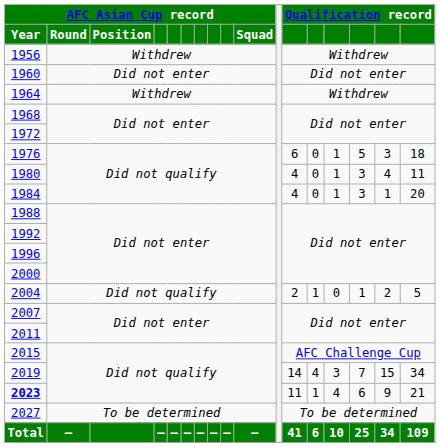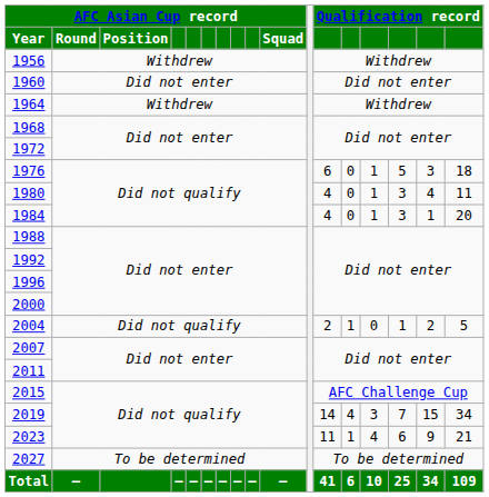 <table class="wikitable" style="text-align:center">
 <tr>
 <th colspan="10" style="background:green; color:#FFF; "><a href='#'><span>AFC Asian Cup</span></a> record</th>
 <th rowspan="22"></th>
 <th colspan="6" style="background:green; color:#FFF; "><a href='#'><span>Qualification</span></a> record</th>
 </tr>
 <tr>
 <th style="background:green; color:#FFF; ">Year</th>
 <th style="background:green; color:#FFF; ">Round</th>
 <th style="background:green; color:#FFF; ">Position</th>
 <th style="background:green; color:#FFF; "></th>
 <th style="background:green; color:#FFF; "></th>
 <th style="background:green; color:#FFF; "></th>
 <th style="background:green; color:#FFF; "></th>
 <th style="background:green; color:#FFF; "></th>
 <th style="background:green; color:#FFF; "></th>
 <th style="background:green; color:#FFF; ">Squad</th>
 <th style="background:green; color:#FFF; "></th>
 <th style="background:green; color:#FFF; "></th>
 <th style="background:green; color:#FFF; "></th>
 <th style="background:green; color:#FFF; "></th>
 <th style="background:green; color:#FFF; "></th>
 <th style="background:green; color:#FFF; "></th>
 </tr>
 <tr>
 <td> <a href='#'>1956</a></td>
 <td colspan="9"><em>Withdrew</em></td>
 <td colspan="6"><em>Withdrew</em></td>
 </tr>
 <tr>
 <td> <a href='#'>1960</a></td>
 <td colspan="9"><em>Did not enter</em></td>
 <td colspan="6"><em>Did not enter</em></td>
 </tr>
 <tr>
 <td> <a href='#'>1964</a></td>
 <td colspan="9"><em>Withdrew</em></td>
 <td colspan="6"><em>Withdrew</em></td>
 </tr>
 <tr>
 <td> <a href='#'>1968</a></td>
 <td colspan="9" rowspan="2"><em>Did not enter</em></td>
 <td colspan="6" rowspan="2"><em>Did not enter</em></td>
 </tr>
 <tr>
 <td> <a href='#'>1972</a></td>
 </tr>
 <tr>
 <td> <a href='#'>1976</a></td>
 <td colspan="9" rowspan="3"><em>Did not qualify</em></td>
 <td>6</td>
 <td>0</td>
 <td>1</td>
 <td>5</td>
 <td>3</td>
 <td>18</td>
 </tr>
 <tr>
 <td> <a href='#'>1980</a></td>
 <td>4</td>
 <td>0</td>
 <td>1</td>
 <td>3</td>
 <td>4</td>
 <td>11</td>
 </tr>
 <tr>
 <td> <a href='#'>1984</a></td>
 <td>4</td>
 <td>0</td>
 <td>1</td>
 <td>3</td>
 <td>1</td>
 <td>20</td>
 </tr>
 <tr>
 <td> <a href='#'>1988</a></td>
 <td colspan="9" rowspan="4"><em>Did not enter</em></td>
 <td colspan="6" rowspan="4"><em>Did not enter</em></td>
 </tr>
 <tr>
 <td> <a href='#'>1992</a></td>
 </tr>
 <tr>
 <td> <a href='#'>1996</a></td>
 </tr>
 <tr>
 <td> <a href='#'>2000</a></td>
 </tr>
 <tr>
 <td> <a href='#'>2004</a></td>
 <td colspan="9"><em>Did not qualify</em></td>
 <td>2</td>
 <td>1</td>
 <td>0</td>
 <td>1</td>
 <td>2</td>
 <td>5</td>
 </tr>
 <tr>
 <td>    <a href='#'>2007</a></td>
 <td colspan="9" rowspan="2"><em>Did not enter</em></td>
 <td colspan="6" rowspan="2"><em>Did not enter</em></td>
 </tr>
 <tr>
 <td> <a href='#'>2011</a></td>
 </tr>
 <tr>
 <td> <a href='#'>2015</a></td>
 <td colspan="9" rowspan="3"><em>Did not qualify</em></td>
 <td colspan="6"><a href='#'>AFC Challenge Cup</a></td>
 </tr>
 <tr>
 <td> <a href='#'>2019</a></td>
 <td>14</td>
 <td>4</td>
 <td>3</td>
 <td>7</td>
 <td>15</td>
 <td>34</td>
 </tr>
 <tr>
-<td><strong> <a href='#'>2023</a></strong></td>
+<td> <a href='#'>2023</a></td>
 <td>11</td>
 <td>1</td>
 <td>4</td>
 <td>6</td>
 <td>9</td>
 <td>21</td>
 </tr>
 <tr>
 <td> <a href='#'>2027</a></td>
 <td colspan="9"><em>To be determined</em></td>
 <td colspan="6"><em>To be determined</em></td>
 </tr>
 <tr>
 <th style="background:green; color:#FFF; ">Total</th>
 <th style="background:green; color:#FFF; ">—</th>
 <th style="background:green; color:#FFF; "></th>
 <th style="background:green; color:#FFF; ">—</th>
 <th style="background:green; color:#FFF; ">—</th>
 <th style="background:green; color:#FFF; ">—</th>
 <th style="background:green; color:#FFF; ">—</th>
 <th style="background:green; color:#FFF; ">—</th>
 <th style="background:green; color:#FFF; ">—</th>
 <th style="background:green; color:#FFF; ">—</th>
 <th style="background:green; color:#FFF; ">41</th>
 <th style="background:green; color:#FFF; ">6</th>
 <th style="background:green; color:#FFF; ">10</th>
 <th style="background:green; color:#FFF; ">25</th>
 <th style="background:green; color:#FFF; ">34</th>
 <th style="background:green; color:#FFF; ">109</th>
 </tr>
 </table>
